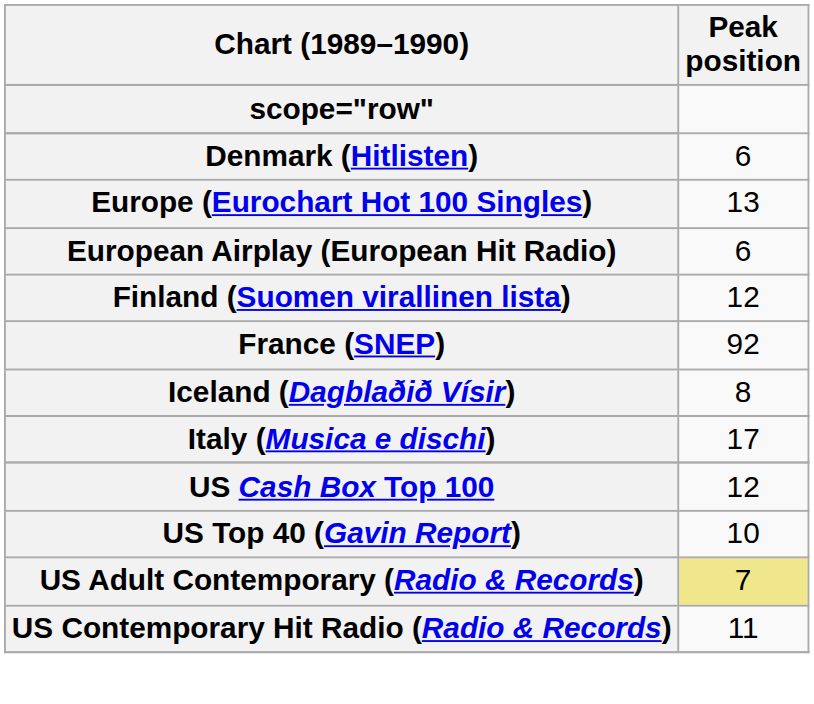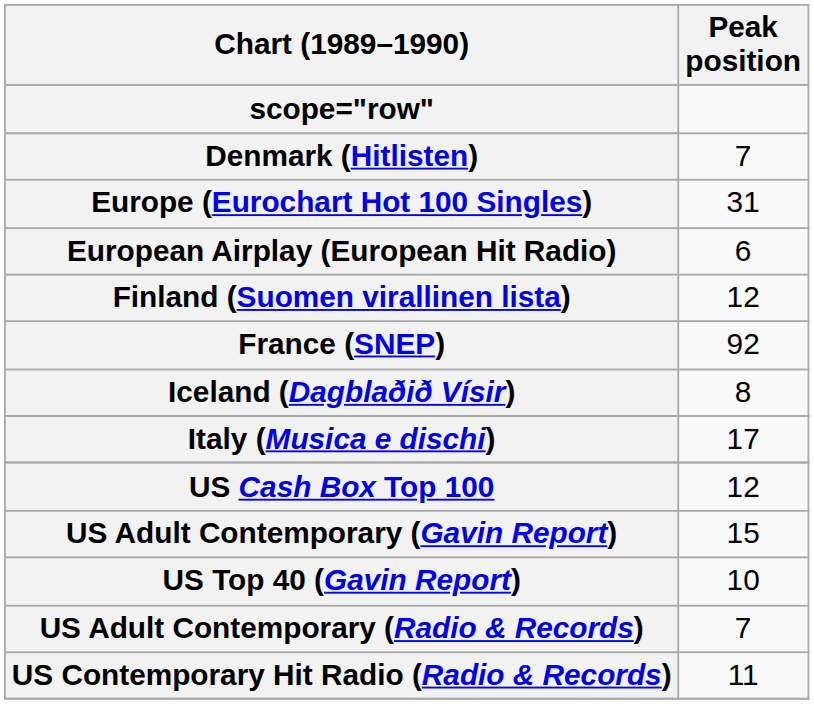 <table class="wikitable sortable plainrowheaders" style="text-align:center">
 <tr>
 <th scope="col">Chart (1989–1990)</th>
 <th scope="col">Peak<br>position</th>
 </tr>
 <tr>
 </tr>
 <tr>
 </tr>
 <tr>
 <th>scope="row"</th>
 </tr>
 <tr>
 </tr>
 <tr>
 <th scope="row">Denmark (<a href='#'>Hitlisten</a>)</th>
-<td>6</td>
+<td>7</td>
 </tr>
 <tr>
 <th scope="row">Europe (<a href='#'>Eurochart Hot 100 Singles</a>)</th>
-<td>13</td>
+<td>31</td>
 </tr>
 <tr>
 <th scope="row">European Airplay (European Hit Radio)</th>
 <td>6</td>
 </tr>
 <tr>
 <th scope="row">Finland (<a href='#'>Suomen virallinen lista</a>)</th>
 <td>12</td>
 </tr>
 <tr>
 <th scope="row">France (<a href='#'>SNEP</a>)</th>
 <td>92</td>
 </tr>
 <tr>
 <th scope="row">Iceland (<em><a href='#'>Dagblaðið Vísir</a></em>)</th>
 <td align="center">8</td>
 </tr>
 <tr>
 </tr>
 <tr>
 <th scope="row">Italy (<em><a href='#'>Musica e dischi</a></em>)</th>
 <td>17</td>
 </tr>
 <tr>
 </tr>
 <tr>
 </tr>
 <tr>
 </tr>
 <tr>
 </tr>
 <tr>
 </tr>
 <tr>
 </tr>
 <tr>
 </tr>
 <tr>
 </tr>
 <tr>
 <th scope="row">US <a href='#'><em>Cash Box</em> Top 100</a></th>
 <td>12</td>
 </tr>
 <tr>
+<th scope="row">US Adult Contemporary (<em><a href='#'>Gavin Report</a></em>)</th>
+<td>15</td>
+</tr>
+<tr>
 <th scope="row">US Top 40 (<em><a href='#'>Gavin Report</a></em>)</th>
 <td>10</td>
 </tr>
 <tr>
 <th scope="row">US Adult Contemporary (<em><a href='#'>Radio & Records</a></em>)</th>
-<td style="background: khaki;">7</td>
+<td>7</td>
 </tr>
 <tr>
 <th scope="row">US Contemporary Hit Radio (<em><a href='#'>Radio & Records</a></em>)</th>
 <td>11</td>
 </tr>
 <tr>
 </tr>
 </table>
